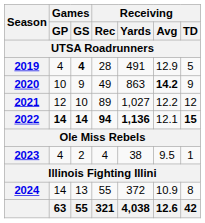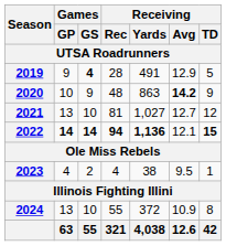 <table class="wikitable" style="text-align:center;">
 <tr>
 <th rowspan="2">Season</th>
 <th colspan="2">Games</th>
 <th colspan="4">Receiving</th>
 </tr>
 <tr>
 <th>GP</th>
 <th>GS</th>
 <th>Rec</th>
 <th>Yards</th>
 <th>Avg</th>
 <th>TD</th>
 </tr>
 <tr>
 <th colspan="8">UTSA Roadrunners</th>
 </tr>
 <tr>
 <th><a href='#'>2019</a></th>
-<td>4</td>
+<td>9</td>
 <td><strong>4</strong></td>
 <td>28</td>
 <td>491</td>
 <td>12.9</td>
 <td>5</td>
 </tr>
 <tr>
 <th><a href='#'>2020</a></th>
 <td>10</td>
 <td>9</td>
-<td>49</td>
+<td>48</td>
 <td>863</td>
 <td><strong>14.2</strong></td>
 <td>9</td>
 </tr>
 <tr>
 <th><a href='#'>2021</a></th>
-<td>12</td>
+<td>13</td>
 <td>10</td>
-<td>89</td>
+<td>81</td>
 <td>1,027</td>
-<td>12.2</td>
+<td>12.7</td>
 <td>12</td>
 </tr>
 <tr>
 <th><a href='#'>2022</a></th>
 <td><strong>14</strong></td>
 <td><strong>14</strong></td>
 <td><strong>94</strong></td>
 <td><strong>1,136</strong></td>
 <td>12.1</td>
 <td><strong>15</strong></td>
 </tr>
 <tr>
 <th colspan="8">Ole Miss Rebels</th>
 </tr>
 <tr>
 <th><a href='#'>2023</a></th>
 <td>4</td>
 <td>2</td>
 <td>4</td>
 <td>38</td>
 <td>9.5</td>
 <td>1</td>
 </tr>
 <tr>
 <th colspan="8">Illinois Fighting Illini</th>
 </tr>
 <tr>
 <th><a href='#'>2024</a></th>
-<td>14</td>
 <td>13</td>
+<td>10</td>
 <td>55</td>
 <td>372</td>
 <td>10.9</td>
 <td>8</td>
 </tr>
 <tr>
 <th></th>
 <th>63</th>
 <th>55</th>
 <th>321</th>
 <th>4,038</th>
 <th>12.6</th>
 <th>42</th>
 </tr>
 </table>
